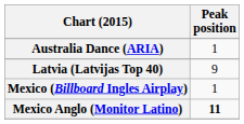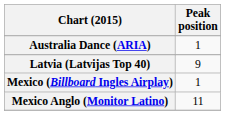 <table class="wikitable sortable plainrowheaders" border="1" style="text-align:center;">
 <tr>
 <th>Chart (2015)</th>
 <th>Peak<br>position</th>
 </tr>
 <tr>
 </tr>
 <tr>
 <th scope="row">Australia Dance (<a href='#'>ARIA</a>)</th>
 <td>1</td>
 </tr>
 <tr>
 </tr>
 <tr>
 </tr>
 <tr>
 </tr>
 <tr>
 </tr>
 <tr>
 </tr>
 <tr>
 <th scope="row">Latvia (Latvijas Top 40)</th>
 <td>9</td>
 </tr>
 <tr>
 <th scope="row">Mexico (<a href='#'><em>Billboard</em> Ingles Airplay</a>)</th>
 <td>1</td>
 </tr>
 <tr>
 <th scope="row">Mexico Anglo (<a href='#'>Monitor Latino</a>)</th>
-<td><strong>11</strong></td>
+<td>11</td>
 </tr>
 <tr>
 </tr>
 <tr>
 </tr>
 <tr>
 </tr>
 <tr>
 </tr>
 <tr>
 </tr>
 <tr>
 </tr>
 <tr>
 </tr>
 <tr>
 </tr>
 <tr>
 </tr>
 <tr>
 </tr>
 <tr>
 </tr>
 <tr>
 </tr>
 </table>
